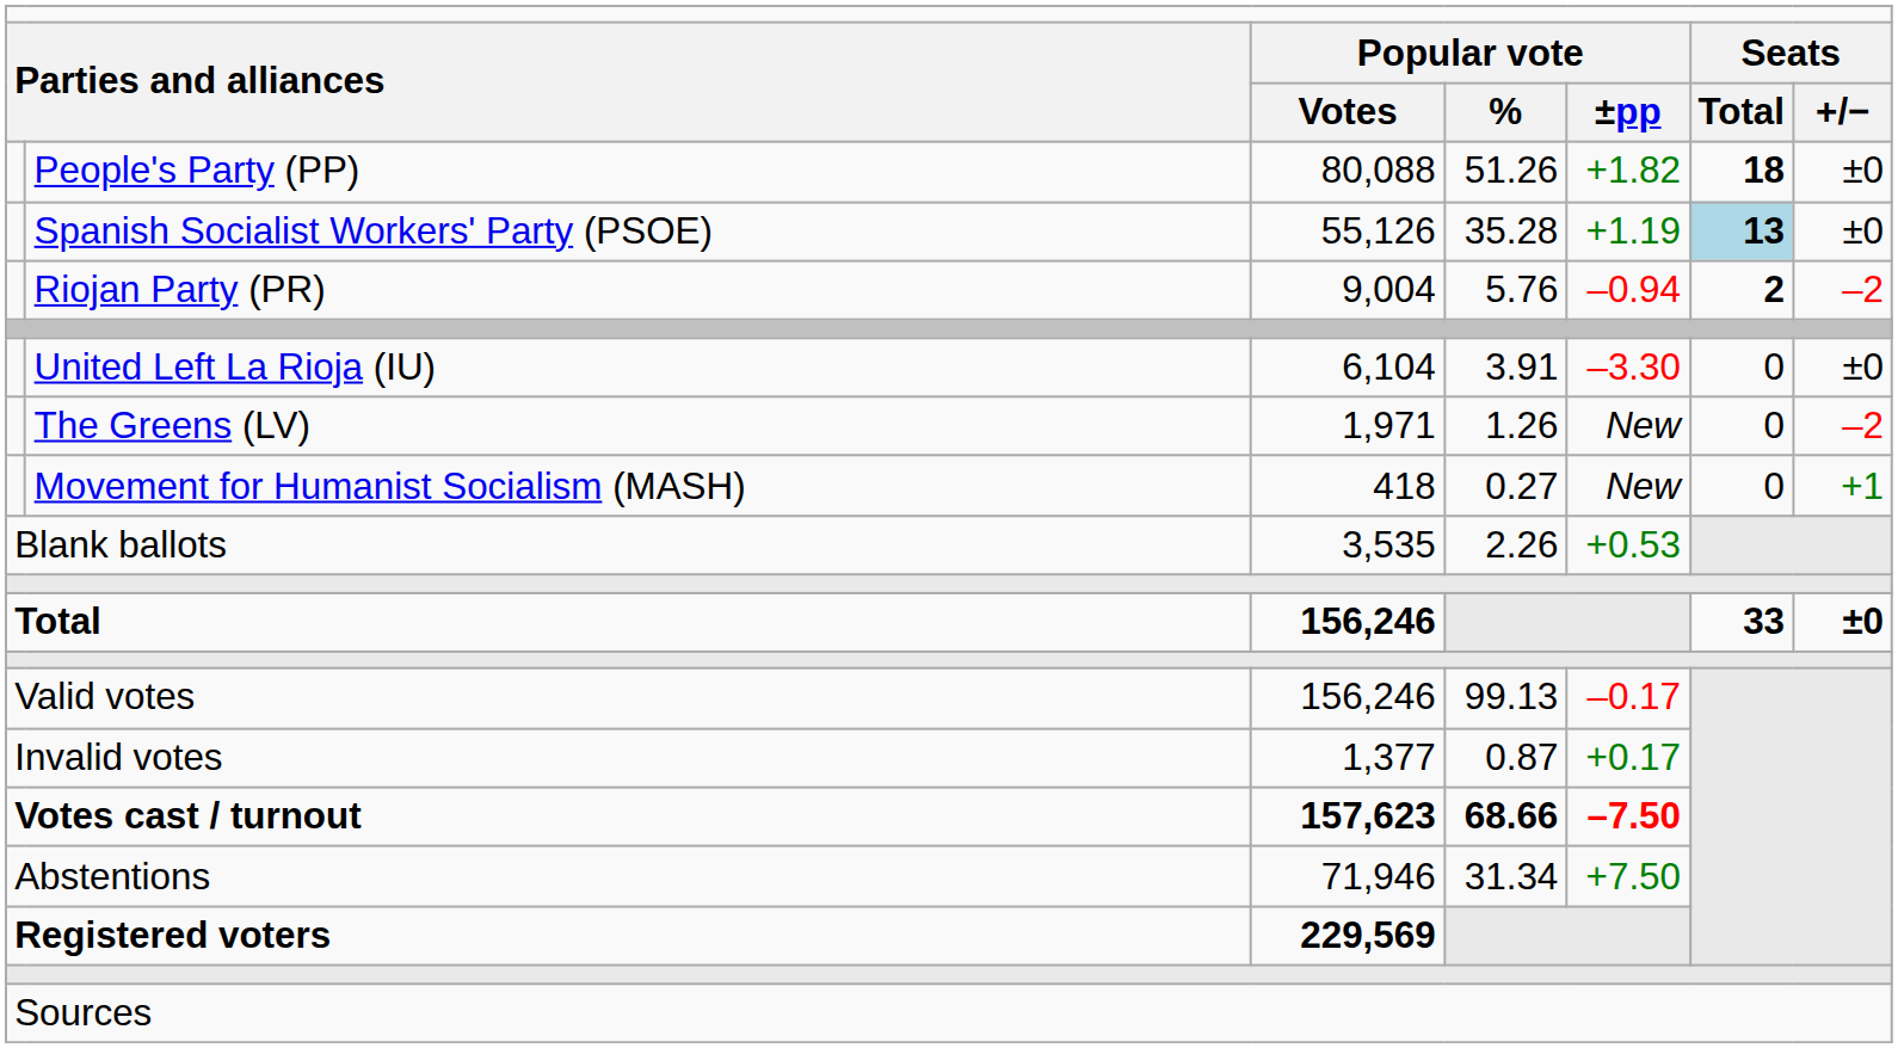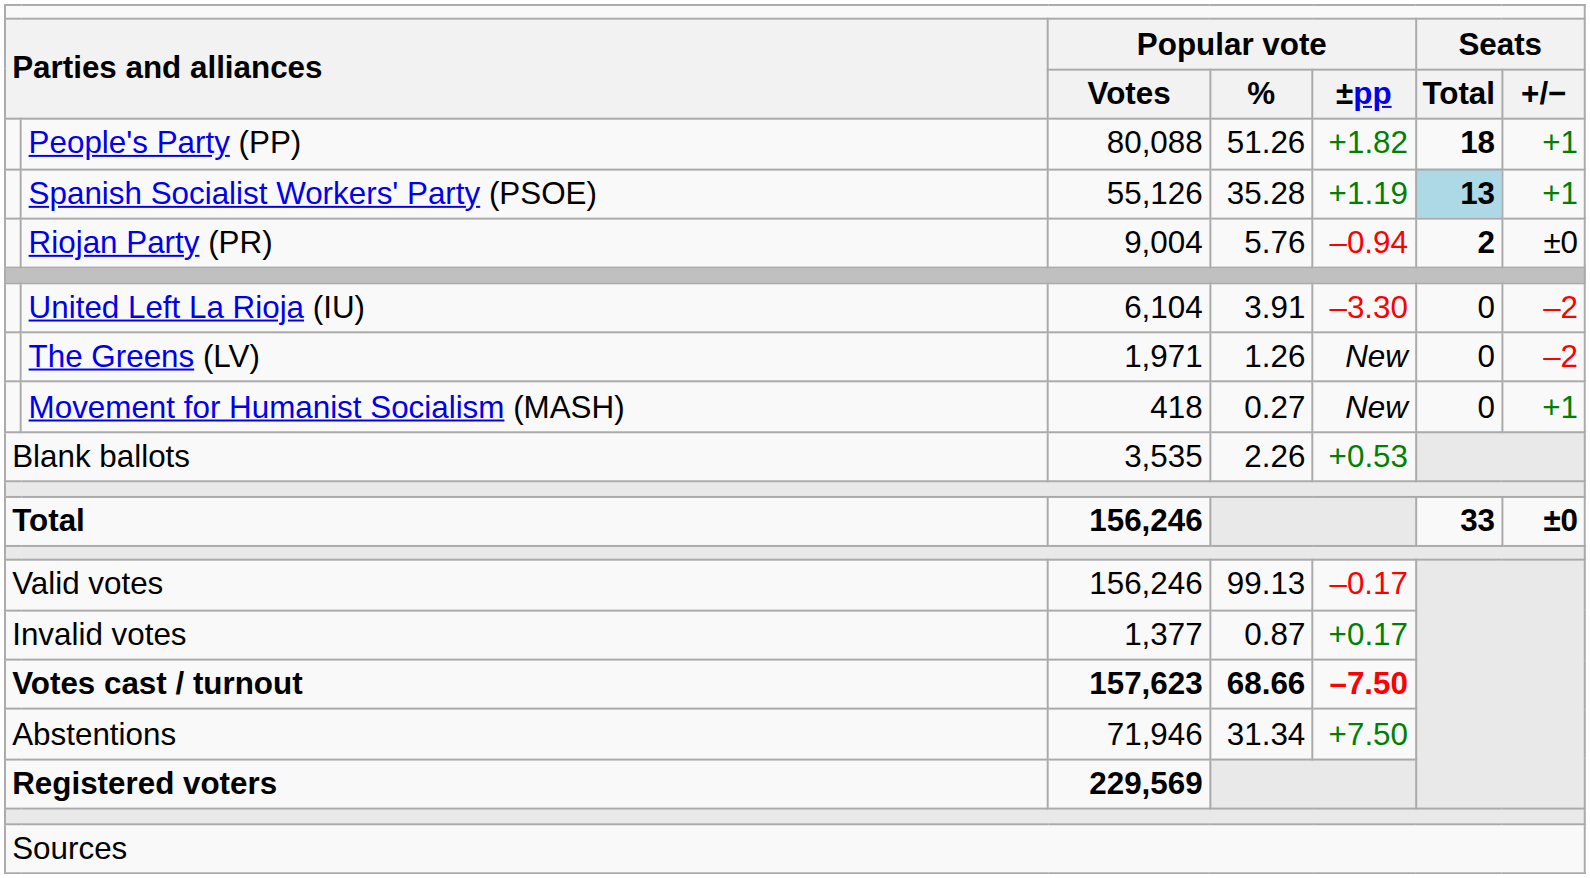 <table class="wikitable" style="text-align:right;">
 <tr>
 <td colspan="7"></td>
 </tr>
 <tr>
 <th style="text-align:left;" rowspan="2" colspan="2" width="525">Parties and alliances</th>
 <th colspan="3">Popular vote</th>
 <th colspan="2">Seats</th>
 </tr>
 <tr>
 <th width="75">Votes</th>
 <th width="45">%</th>
 <th width="45">±<a href='#'>pp</a></th>
 <th width="35">Total</th>
 <th width="35">+/−</th>
 </tr>
 <tr>
 <td width="1" style="color:inherit;background:"></td>
 <td align="left"><a href='#'>People's Party</a> (PP)</td>
 <td>80,088</td>
 <td>51.26</td>
 <td style="color:green;">+1.82</td>
 <td><strong>18</strong></td>
-<td>±0</td>
+<td style="color:green;">+1</td>
 </tr>
 <tr>
 <td style="color:inherit;background:"></td>
 <td align="left"><a href='#'>Spanish Socialist Workers' Party</a> (PSOE)</td>
 <td>55,126</td>
 <td>35.28</td>
 <td style="color:green;">+1.19</td>
 <td style="background: lightblue;"><strong>13</strong></td>
-<td>±0</td>
+<td style="color:green;">+1</td>
 </tr>
 <tr>
 <td style="color:inherit;background:"></td>
 <td align="left"><a href='#'>Riojan Party</a> (PR)</td>
 <td>9,004</td>
 <td>5.76</td>
 <td style="color:red;">–0.94</td>
 <td><strong>2</strong></td>
-<td style="color:red;">–2</td>
+<td>±0</td>
 </tr>
 <tr>
 <td colspan="7" bgcolor="#C0C0C0"></td>
 </tr>
 <tr>
 <td style="color:inherit;background:"></td>
 <td align="left"><a href='#'>United Left La Rioja</a> (IU)</td>
 <td>6,104</td>
 <td>3.91</td>
 <td style="color:red;">–3.30</td>
 <td>0</td>
-<td>±0</td>
+<td style="color:red;">–2</td>
 </tr>
 <tr>
 <td style="color:inherit;background:"></td>
 <td align="left"><a href='#'>The Greens</a> (LV)</td>
 <td>1,971</td>
 <td>1.26</td>
 <td><em>New</em></td>
 <td>0</td>
 <td style="color:red;">–2</td>
 </tr>
 <tr>
 <td style="color:inherit;background:"></td>
 <td align="left"><a href='#'>Movement for Humanist Socialism</a> (MASH)</td>
 <td>418</td>
 <td>0.27</td>
 <td><em>New</em></td>
 <td>0</td>
 <td style="color:green;">+1</td>
 </tr>
 <tr>
 <td align="left" colspan="2">Blank ballots</td>
 <td>3,535</td>
 <td>2.26</td>
 <td style="color:green;">+0.53</td>
 <td bgcolor="#E9E9E9" colspan="2"></td>
 </tr>
 <tr>
 <td colspan="7" bgcolor="#E9E9E9"></td>
 </tr>
 <tr style="font-weight:bold;">
 <td align="left" colspan="2">Total</td>
 <td>156,246</td>
 <td bgcolor="#E9E9E9" colspan="2"></td>
 <td>33</td>
 <td>±0</td>
 </tr>
 <tr>
 <td colspan="7" bgcolor="#E9E9E9"></td>
 </tr>
 <tr>
 <td align="left" colspan="2">Valid votes</td>
 <td>156,246</td>
 <td>99.13</td>
 <td style="color:red;">–0.17</td>
 <td bgcolor="#E9E9E9" colspan="2" rowspan="5"></td>
 </tr>
 <tr>
 <td align="left" colspan="2">Invalid votes</td>
 <td>1,377</td>
 <td>0.87</td>
 <td style="color:green;">+0.17</td>
 </tr>
 <tr style="font-weight:bold;">
 <td align="left" colspan="2">Votes cast / turnout</td>
 <td>157,623</td>
 <td>68.66</td>
 <td style="color:red;">–7.50</td>
 </tr>
 <tr>
 <td align="left" colspan="2">Abstentions</td>
 <td>71,946</td>
 <td>31.34</td>
 <td style="color:green;">+7.50</td>
 </tr>
 <tr style="font-weight:bold;">
 <td align="left" colspan="2">Registered voters</td>
 <td>229,569</td>
 <td bgcolor="#E9E9E9" colspan="2"></td>
 </tr>
 <tr>
 <td colspan="7" bgcolor="#E9E9E9"></td>
 </tr>
 <tr>
 <td align="left" colspan="7">Sources</td>
 </tr>
 </table>
